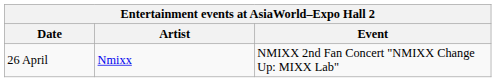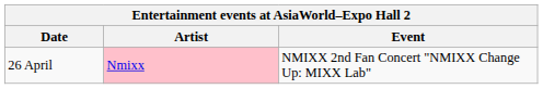 <table class="wikitable">
 <tr>
 <th colspan="3">Entertainment events at AsiaWorld–Expo Hall 2</th>
 </tr>
 <tr>
 <th width="110">Date</th>
 <th width="200">Artist</th>
 <th width="300">Event</th>
 </tr>
 <tr>
 <td>26 April</td>
-<td><a href='#'>Nmixx</a></td>
+<td style="background: pink;"><a href='#'>Nmixx</a></td>
 <td>NMIXX 2nd Fan Concert "NMIXX Change Up: MIXX Lab"</td>
 </tr>
 </table>
